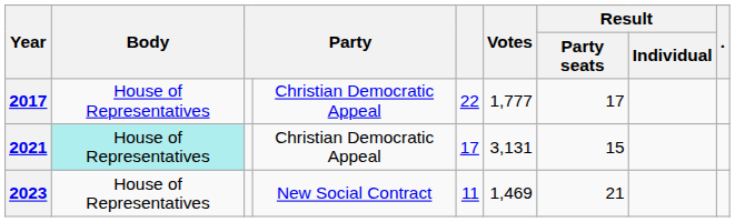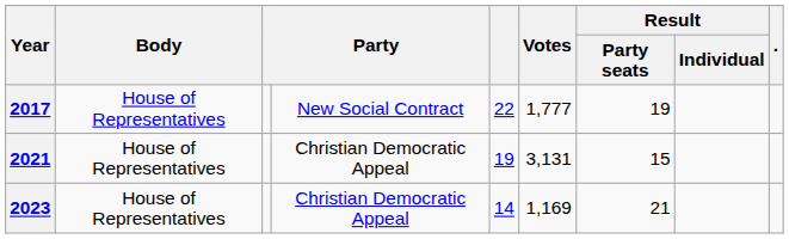 <table class="wikitable plainrowheaders sortable" border=2 cellpadding=4 cellspacing=0 style="border: 1px #aaa solid; font-size: 90%; text-align:center;">
 <tr>
 <th scope="col" rowspan=2>Year</th>
 <th scope="col" rowspan=2>Body</th>
 <th scope="col" colspan=2 rowspan=2>Party</th>
 <th scope="col" rowspan=2></th>
 <th scope="col" rowspan=2>Votes</th>
 <th scope="colgroup" colspan=2>Result</th>
 <th scope="col" rowspan=2 class="unsortable">.</th>
 </tr>
 <tr>
 <th scope="col">Party seats</th>
 <th scope="col">Individual</th>
 </tr>
 <tr>
 <th scope="row"><a href='#'>2017</a></th>
 <td><a href='#'>House of Representatives</a></td>
 <td style="background-color:"></td>
-<td><a href='#'>Christian Democratic Appeal</a></td>
+<td><a href='#'>New Social Contract</a></td>
 <td style=text-align:right><a href='#'>22</a></td>
 <td style=text-align:right>1,777</td>
-<td style=text-align:right>17</td>
+<td style=text-align:right>19</td>
 <td></td>
 <td></td>
 </tr>
 <tr>
 <th scope="row"><a href='#'>2021</a></th>
-<td style="background: paleturquoise;">House of Representatives</td>
+<td>House of Representatives</td>
 <td style="background-color:"></td>
 <td>Christian Democratic Appeal</td>
-<td style=text-align:right><a href='#'>17</a></td>
+<td style=text-align:right><a href='#'>19</a></td>
 <td style=text-align:right>3,131</td>
 <td style=text-align:right>15</td>
 <td></td>
 <td></td>
 </tr>
 <tr>
 <th scope="row"><a href='#'>2023</a></th>
 <td>House of Representatives</td>
 <td style="background-color:"></td>
-<td><a href='#'>New Social Contract</a></td>
-<td style=text-align:right><a href='#'>11</a></td>
-<td style=text-align:right>1,469</td>
+<td><a href='#'>Christian Democratic Appeal</a></td>
+<td style=text-align:right><a href='#'>14</a></td>
+<td style=text-align:right>1,169</td>
 <td style=text-align:right>21</td>
 <td></td>
 <td></td>
 </tr>
 </table>
